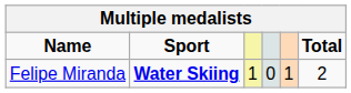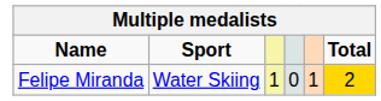 <table class="wikitable" style="font-size:85%; float:right">
 <tr style="background:#efefef;">
 <th colspan=7><strong>Multiple medalists</strong></th>
 </tr>
 <tr align=center>
 <td><strong>Name</strong></td>
 <td><strong>Sport</strong></td>
 <td style="background:#f7f6a8;"></td>
 <td style="background:#dce5e5;"></td>
 <td style="background:#ffdab9;"></td>
 <td><strong>Total</strong></td>
 </tr>
 <tr align=center>
 <td><a href='#'>Felipe Miranda</a></td>
-<td><strong><a href='#'>Water Skiing</a></strong></td>
+<td><a href='#'>Water Skiing</a></td>
 <td style="background:#f7f6a8;">1</td>
 <td style="background:#dce5e5;">0</td>
 <td style="background:#ffdab9;">1</td>
-<td>2</td>
+<td style="background: gold;">2</td>
 </tr>
 </table>
